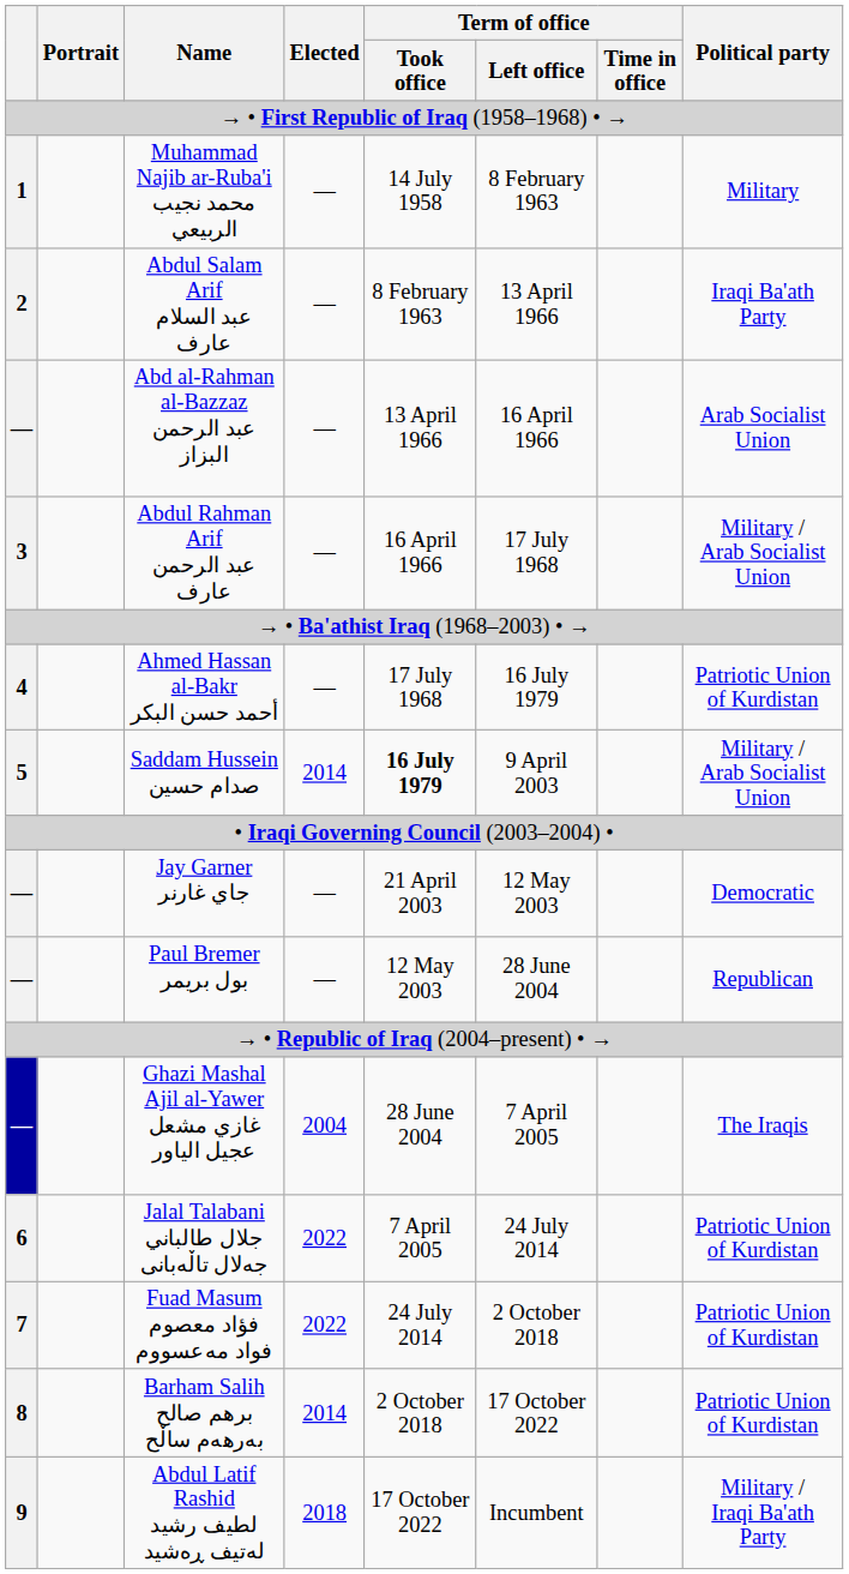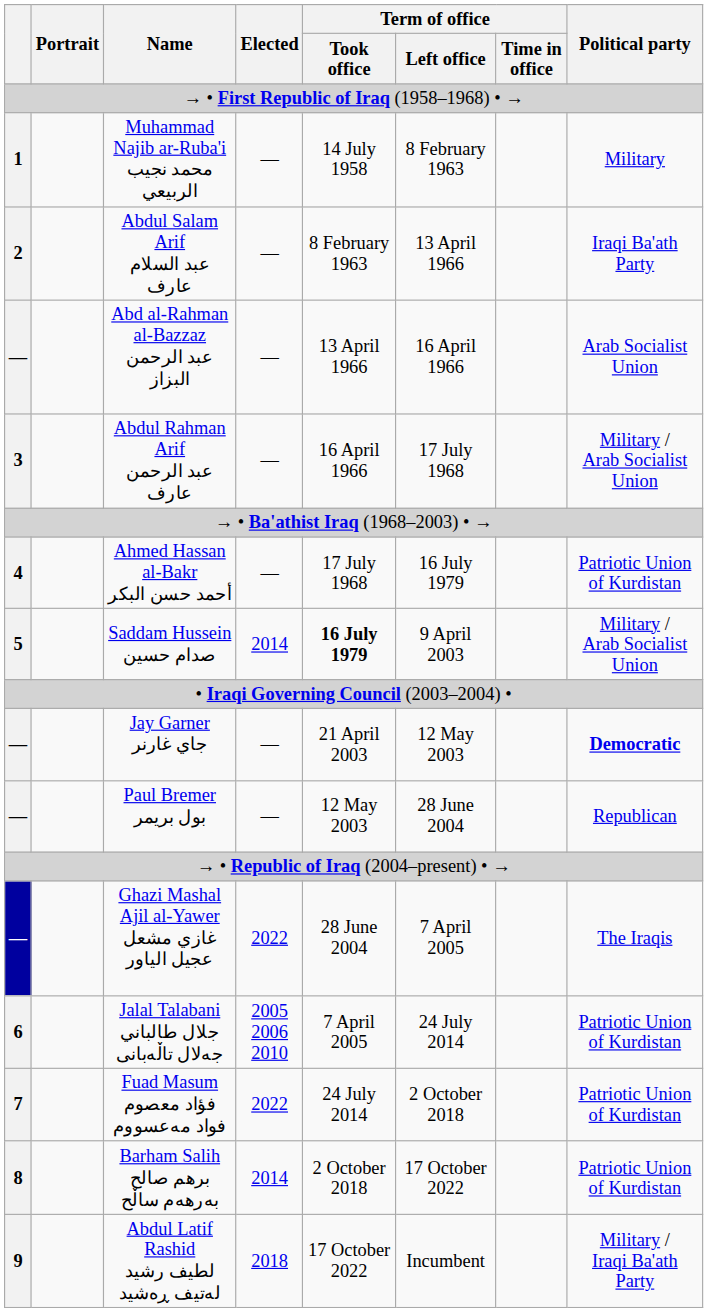 <table class="wikitable" style="text-align:center">
 <tr>
 <th rowspan="2"></th>
 <th rowspan="2">Portrait</th>
 <th rowspan="2">Name<br></th>
 <th rowspan="2">Elected</th>
 <th colspan="3">Term of office</th>
 <th rowspan="2">Political party</th>
 </tr>
 <tr>
 <th>Took office</th>
 <th>Left office</th>
 <th>Time in office</th>
 </tr>
 <tr>
 <td colspan="8" bgcolor="lightgrey"> →  • <strong><a href='#'>First Republic of Iraq</a></strong> (1958–1968) •  → </td>
 </tr>
 <tr>
 <th style="background:">1</th>
 <td></td>
 <td><a href='#'>Muhammad Najib ar-Ruba'i</a><br>محمد نجيب الربيعي<br></td>
 <td>—</td>
 <td>14 July 1958</td>
 <td>8 February 1963<br></td>
 <td></td>
 <td><a href='#'>Military</a></td>
 </tr>
 <tr>
 <th style="background:">2</th>
 <td></td>
 <td><a href='#'>Abdul Salam Arif</a><br>عبد السلام عارف<br></td>
 <td>—</td>
 <td>8 February 1963</td>
 <td>13 April 1966<br></td>
 <td></td>
 <td><a href='#'>Iraqi Ba'ath Party</a><br></td>
 </tr>
 <tr>
 <th style="background:">—</th>
 <td></td>
 <td><a href='#'>Abd al-Rahman al-Bazzaz</a><br>عبد الرحمن البزاز<br><br></td>
 <td>—</td>
 <td>13 April 1966</td>
 <td>16 April 1966</td>
 <td></td>
 <td><a href='#'>Arab Socialist Union</a></td>
 </tr>
 <tr>
 <th style="background:">3</th>
 <td></td>
 <td><a href='#'>Abdul Rahman Arif</a><br>عبد الرحمن عارف<br></td>
 <td>—</td>
 <td>16 April 1966</td>
 <td>17 July 1968<br></td>
 <td></td>
 <td><a href='#'>Military</a> /<br> <a href='#'>Arab Socialist Union</a></td>
 </tr>
 <tr>
 <td colspan="8" bgcolor="lightgrey"> →  • <strong><a href='#'>Ba'athist Iraq</a></strong> (1968–2003) •  → </td>
 </tr>
 <tr>
 <th style="background:">4</th>
 <td></td>
 <td><a href='#'>Ahmed Hassan al-Bakr</a><br>أحمد حسن البكر<br></td>
 <td>—</td>
 <td>17 July 1968</td>
 <td>16 July 1979<br></td>
 <td></td>
 <td><a href='#'>Patriotic Union of Kurdistan</a></td>
 </tr>
 <tr>
 <th style="background:">5</th>
 <td></td>
 <td><a href='#'>Saddam Hussein</a><br>صدام حسين<br></td>
 <td><a href='#'>2014</a></td>
 <td><strong>16 July 1979</strong></td>
 <td>9 April 2003<br></td>
 <td></td>
 <td><a href='#'>Military</a> /<br> <a href='#'>Arab Socialist Union</a></td>
 </tr>
 <tr>
 <td colspan="8" bgcolor="lightgrey">  • <strong><a href='#'>Iraqi Governing Council</a></strong> (2003–2004) •  </td>
 </tr>
 <tr>
 <th style="background:">—</th>
 <td></td>
 <td><a href='#'>Jay Garner</a><br>جاي غارنر<br><br></td>
 <td>—</td>
 <td>21 April 2003</td>
 <td>12 May 2003</td>
 <td></td>
-<td><a href='#'>Democratic</a></td>
+<td><strong><a href='#'>Democratic</a></strong></td>
 </tr>
 <tr>
 <th style="background:">—</th>
 <td></td>
 <td><a href='#'>Paul Bremer</a><br>بول بريمر<br><br></td>
 <td>—</td>
 <td>12 May 2003</td>
 <td>28 June 2004</td>
 <td></td>
 <td><a href='#'>Republican</a></td>
 </tr>
 <tr>
 <td colspan="8" bgcolor="lightgrey"> →  • <strong><a href='#'>Republic of Iraq</a></strong> (2004–present) •  → </td>
 </tr>
 <tr>
 <th style="background:#00009F; color:white;">—</th>
 <td></td>
 <td><a href='#'>Ghazi Mashal Ajil al-Yawer</a><br>غازي مشعل عجيل الياور<br><br></td>
-<td><a href='#'>2004</a></td>
+<td><a href='#'>2022</a></td>
 <td>28 June 2004</td>
 <td>7 April 2005</td>
 <td></td>
 <td><a href='#'>The Iraqis</a></td>
 </tr>
 <tr>
 <th style="background:">6</th>
 <td></td>
 <td><a href='#'>Jalal Talabani</a><br>جلال طالباني<br>جەلال تاڵەبانی<br></td>
-<td><a href='#'>2022</a></td>
+<td><a href='#'>2005</a><br><a href='#'>2006</a><br><a href='#'>2010</a></td>
 <td>7 April 2005</td>
 <td>24 July 2014</td>
 <td></td>
 <td><a href='#'>Patriotic Union of Kurdistan</a></td>
 </tr>
 <tr>
 <th style="background:">7</th>
 <td></td>
 <td><a href='#'>Fuad Masum</a><br>فؤاد معصوم<br>فواد مەعسووم<br></td>
 <td><a href='#'>2022</a></td>
 <td>24 July 2014</td>
 <td>2 October 2018</td>
 <td></td>
 <td><a href='#'>Patriotic Union of Kurdistan</a></td>
 </tr>
 <tr>
 <th style="background:">8</th>
 <td></td>
 <td><a href='#'>Barham Salih</a><br>برهم صالح<br>بەرهەم ساڵح<br></td>
 <td><a href='#'>2014</a></td>
 <td>2 October 2018</td>
 <td>17 October 2022</td>
 <td></td>
 <td><a href='#'>Patriotic Union of Kurdistan</a></td>
 </tr>
 <tr>
 <th style="background:">9</th>
 <td></td>
 <td><a href='#'>Abdul Latif Rashid</a><br>لطيف رشيد<br>لەتیف ڕەشید<br></td>
 <td><a href='#'>2018</a></td>
 <td>17 October 2022</td>
 <td>Incumbent</td>
 <td></td>
 <td><a href='#'>Military</a> /<br> <a href='#'>Iraqi Ba'ath Party</a><br></td>
 </tr>
 </table>
